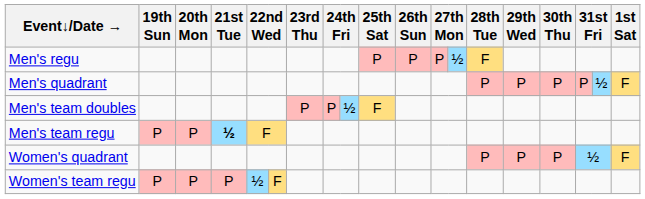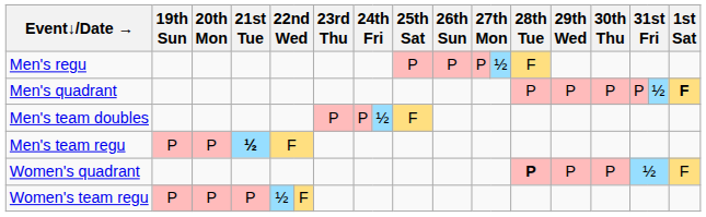 <table class="wikitable" style="margin:0.5em auto; font-size:90%; line-height:1.25em; text-align:center;">
 <tr>
 <th>Event↓/Date →</th>
 <th>19th<br>Sun</th>
 <th>20th<br>Mon</th>
 <th>21st<br>Tue</th>
 <th colspan=2>22nd<br>Wed</th>
 <th>23rd<br>Thu</th>
 <th colspan=2>24th<br>Fri</th>
 <th>25th<br>Sat</th>
 <th>26th<br>Sun</th>
 <th colspan=2>27th<br>Mon</th>
 <th>28th<br>Tue</th>
 <th>29th<br>Wed</th>
 <th>30th<br>Thu</th>
 <th colspan=2>31st<br>Fri</th>
 <th>1st<br>Sat</th>
 </tr>
 <tr>
 <td align="left"><a href='#'>Men's regu</a></td>
 <td></td>
 <td></td>
 <td></td>
 <td colspan=2></td>
 <td></td>
 <td colspan=2></td>
 <td bgcolor="#FFBBBB">P</td>
 <td bgcolor="#FFBBBB">P</td>
 <td bgcolor="#FFBBBB">P</td>
 <td bgcolor="#97DEFF">½</td>
 <td bgcolor="#FFDF80">F</td>
 <td></td>
 <td></td>
 <td colspan=2></td>
 <td></td>
 </tr>
 <tr>
 <td align="left"><a href='#'>Men's quadrant</a></td>
 <td></td>
 <td></td>
 <td></td>
 <td colspan=2></td>
 <td></td>
 <td colspan=2></td>
 <td></td>
 <td></td>
 <td colspan=2></td>
 <td bgcolor="#FFBBBB">P</td>
 <td bgcolor="#FFBBBB">P</td>
 <td bgcolor="#FFBBBB">P</td>
 <td bgcolor="#FFBBBB">P</td>
 <td bgcolor="#97DEFF">½</td>
-<td bgcolor="#FFDF80">F</td>
+<td bgcolor="#FFDF80"><strong>F</strong></td>
 </tr>
 <tr>
 <td align="left"><a href='#'>Men's team doubles</a></td>
 <td></td>
 <td></td>
 <td></td>
 <td colspan=2></td>
 <td bgcolor="#FFBBBB">P</td>
 <td bgcolor="#FFBBBB">P</td>
 <td bgcolor="#97DEFF">½</td>
 <td bgcolor="#FFDF80">F</td>
 <td></td>
 <td colspan=2></td>
 <td></td>
 <td></td>
 <td></td>
 <td colspan=2></td>
 <td></td>
 </tr>
 <tr>
 <td align="left"><a href='#'>Men's team regu</a></td>
 <td bgcolor="#FFBBBB">P</td>
 <td bgcolor="#FFBBBB">P</td>
 <td bgcolor="#97DEFF"><strong>½</strong></td>
 <td colspan=2 bgcolor="#FFDF80">F</td>
 <td></td>
 <td colspan=2></td>
 <td></td>
 <td></td>
 <td colspan=2></td>
 <td></td>
 <td></td>
 <td></td>
 <td colspan=2></td>
 <td></td>
 </tr>
 <tr>
 <td align="left"><a href='#'>Women's quadrant</a></td>
 <td></td>
 <td></td>
 <td></td>
 <td colspan=2></td>
 <td></td>
 <td colspan=2></td>
 <td></td>
 <td></td>
 <td colspan=2></td>
-<td bgcolor="#FFBBBB">P</td>
+<td bgcolor="#FFBBBB"><strong>P</strong></td>
 <td bgcolor="#FFBBBB">P</td>
 <td bgcolor="#FFBBBB">P</td>
 <td colspan=2 bgcolor="#97DEFF">½</td>
 <td bgcolor="#FFDF80">F</td>
 </tr>
 <tr>
 <td align="left"><a href='#'>Women's team regu</a></td>
 <td bgcolor="#FFBBBB">P</td>
 <td bgcolor="#FFBBBB">P</td>
 <td bgcolor="#FFBBBB">P</td>
 <td bgcolor="#97DEFF">½</td>
 <td bgcolor="#FFDF80">F</td>
 <td></td>
 <td colspan=2></td>
 <td></td>
 <td></td>
 <td colspan=2></td>
 <td></td>
 <td></td>
 <td></td>
 <td colspan=2></td>
 <td></td>
 </tr>
 </table>
